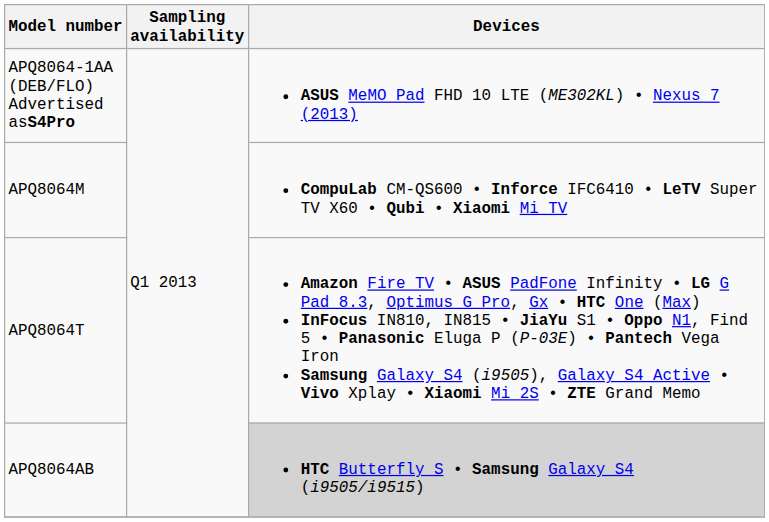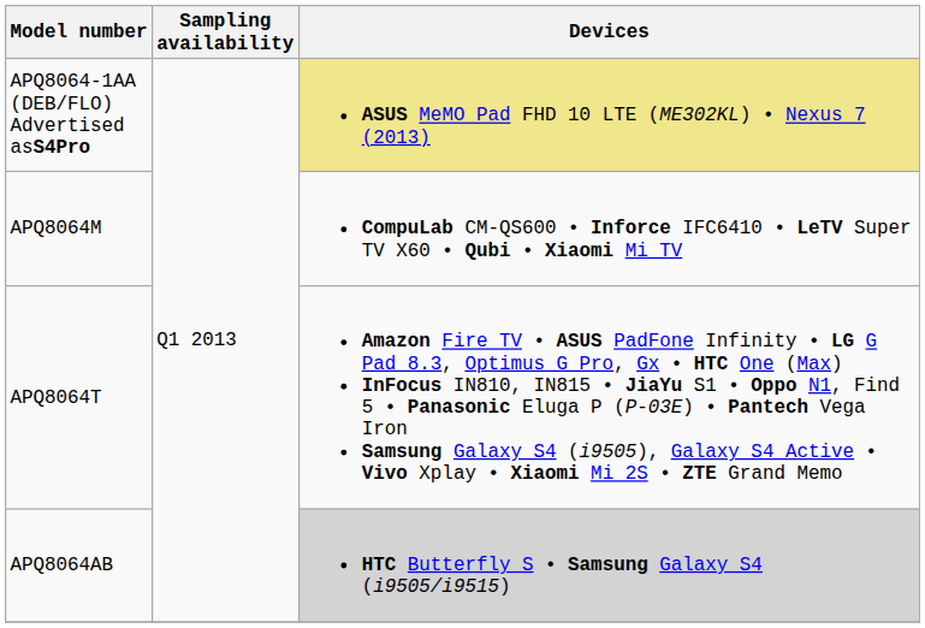 <table class="wikitable" style="width:100%">
 <tr>
 <th>Model number</th>
 <th>Sampling<br>availability</th>
 <th>Devices</th>
 </tr>
 <tr>
 <td>APQ8064-1AA<br>(DEB/FLO)<br>Advertised<br>as<strong>S4Pro</strong></td>
 <td rowspan="4">Q1 2013</td>
-<td><br><ul><li><strong>ASUS</strong> <a href='#'>MeMO Pad</a> FHD 10 LTE (<em>ME302KL</em>) • <a href='#'>Nexus 7 (2013)</a></li></ul></td>
+<td style="background: khaki;"><br><ul><li><strong>ASUS</strong> <a href='#'>MeMO Pad</a> FHD 10 LTE (<em>ME302KL</em>) • <a href='#'>Nexus 7 (2013)</a></li></ul></td>
 </tr>
 <tr>
 <td>APQ8064M</td>
 <td><br><ul><li><strong>CompuLab</strong> CM-QS600 • <strong>Inforce</strong> IFC6410 • <strong>LeTV</strong> Super TV X60 • <strong>Qubi</strong> • <strong>Xiaomi</strong> <a href='#'>Mi TV</a></li></ul></td>
 </tr>
 <tr>
 <td>APQ8064T</td>
 <td><br><ul><li><strong>Amazon</strong> <a href='#'>Fire TV</a> • <strong>ASUS</strong> <a href='#'>PadFone</a> Infinity • <strong>LG</strong> <a href='#'>G Pad 8.3</a>, <a href='#'>Optimus G Pro</a>, <a href='#'>Gx</a> • <strong>HTC</strong> <a href='#'>One</a> (<a href='#'>Max</a>)</li><li><strong>InFocus</strong> IN810, IN815 • <strong>JiaYu</strong> S1 • <strong>Oppo</strong> <a href='#'>N1</a>, Find 5 • <strong>Panasonic</strong> Eluga P (<em>P-03E</em>) • <strong>Pantech</strong> Vega Iron</li><li><strong>Samsung</strong> <a href='#'>Galaxy S4</a> (<em>i9505</em>), <a href='#'>Galaxy S4 Active</a> • <strong>Vivo</strong> Xplay • <strong>Xiaomi</strong> <a href='#'>Mi 2S</a> • <strong>ZTE</strong> Grand Memo</li></ul></td>
 </tr>
 <tr>
 <td>APQ8064AB</td>
 <td style="background: lightgrey;"><br><ul><li><strong>HTC</strong> <a href='#'>Butterfly S</a> • <strong>Samsung</strong> <a href='#'>Galaxy S4</a> (<em>i9505/i9515</em>)</li></ul></td>
 </tr>
 <tr>
 </tr>
 </table>
